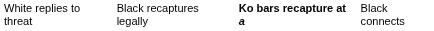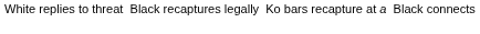 <table border="0" cellspacing="0" cellpadding="0">
 <tr valign="top">
 <td><br></td>
 <td>  </td>
 <td><br></td>
 <td>  </td>
 <td><br></td>
 <td>  </td>
 <td><br></td>
 </tr>
 <tr valign="top">
 <td>White replies to threat</td>
 <td>  </td>
 <td>Black recaptures legally</td>
 <td>  </td>
-<td><strong>Ko bars recapture at <em>a</em></strong></td>
+<td>Ko bars recapture at <em>a</em></td>
 <td>  </td>
 <td>Black connects</td>
 </tr>
 </table>
